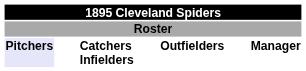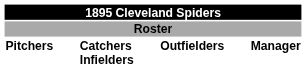 <table class="toccolours" style="font-size: 95%;">
 <tr>
 <th colspan="10" style="background-color: #000000; color: #FFFFFF; text-align: center;">1895 Cleveland Spiders</th>
 </tr>
 <tr>
 <td colspan="10" style="background-color: #A9A9A9; color: #000000; text-align: center;"><strong>Roster</strong></td>
 </tr>
 <tr>
-<td valign="top" style="background: lavender;"><strong>Pitchers</strong><br>     </td>
+<td valign="top"><strong>Pitchers</strong><br>     </td>
 <td width="25px"></td>
 <td valign="top"><strong>Catchers</strong><br>    <strong>Infielders</strong>     </td>
 <td width="25px"></td>
 <td valign="top"><strong>Outfielders</strong><br>    </td>
 <td width="25px"></td>
 <td valign="top"><strong>Manager</strong><br></td>
 </tr>
 </table>
